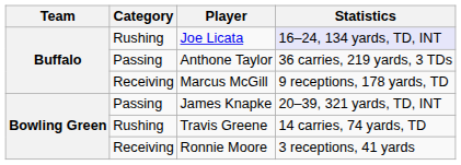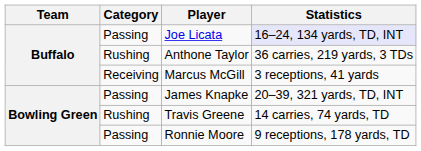 <table class="wikitable" style="float:right">
 <tr>
 <th>Team</th>
 <th>Category</th>
 <th>Player</th>
 <th>Statistics</th>
 </tr>
 <tr>
 <th rowspan=3>Buffalo</th>
-<td>Rushing</td>
+<td>Passing</td>
 <td><a href='#'>Joe Licata</a></td>
 <td style="background: lavender;">16–24, 134 yards, TD, INT</td>
 </tr>
 <tr>
-<td>Passing</td>
+<td>Rushing</td>
 <td>Anthone Taylor</td>
 <td>36 carries, 219 yards, 3 TDs</td>
 </tr>
 <tr>
 <td>Receiving</td>
 <td>Marcus McGill</td>
-<td>9 receptions, 178 yards, TD</td>
+<td>3 receptions, 41 yards</td>
 </tr>
 <tr>
 <th rowspan=3>Bowling Green</th>
 <td>Passing</td>
 <td>James Knapke</td>
 <td>20–39, 321 yards, TD, INT</td>
 </tr>
 <tr>
 <td>Rushing</td>
 <td>Travis Greene</td>
 <td>14 carries, 74 yards, TD</td>
 </tr>
 <tr>
-<td>Receiving</td>
+<td>Passing</td>
 <td>Ronnie Moore</td>
-<td>3 receptions, 41 yards</td>
+<td>9 receptions, 178 yards, TD</td>
 </tr>
 </table>
